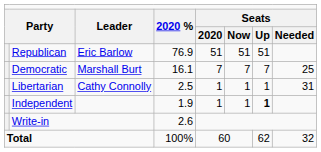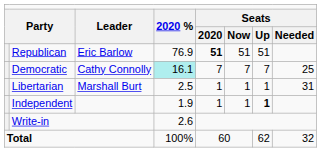 <table class="wikitable">
 <tr>
 <td colspan=15 align=center></td>
 </tr>
 <tr>
 <th rowspan="2" colspan="2">Party</th>
 <th rowspan="2">Leader</th>
 <th rowspan="2"><a href='#'>2020</a> %</th>
 <th colspan="5">Seats</th>
 </tr>
 <tr>
 <th>2020</th>
 <th>Now</th>
 <th>Up</th>
 <th>Needed</th>
 </tr>
 <tr>
 <th style="background-color:"></th>
 <td><a href='#'>Republican</a></td>
 <td><a href='#'>Eric Barlow</a></td>
 <td align="right">76.9</td>
-<td align="right">51</td>
+<td align="right"><strong>51</strong></td>
 <td align="right">51</td>
 <td align="right">51</td>
 <td align="right"></td>
 </tr>
 <tr>
 <th style="background-color:"></th>
 <td><a href='#'>Democratic</a></td>
-<td><a href='#'>Marshall Burt</a></td>
-<td align="right">16.1</td>
+<td><a href='#'>Cathy Connolly</a></td>
+<td align="right" style="background: paleturquoise;">16.1</td>
 <td align="right">7</td>
 <td align="right">7</td>
 <td align="right">7</td>
 <td align="right"> 25</td>
 </tr>
 <tr>
 <th style="background-color:"></th>
 <td><a href='#'>Libertarian</a></td>
-<td><a href='#'>Cathy Connolly</a></td>
+<td><a href='#'>Marshall Burt</a></td>
 <td align="right">2.5</td>
 <td align="right">1</td>
 <td align="right">1</td>
 <td align="right">1</td>
 <td align="right"> 31</td>
 </tr>
 <tr>
 <th style="background-color:"></th>
 <td><a href='#'>Independent</a></td>
 <td></td>
 <td align="right">1.9</td>
 <td align="right">1</td>
 <td align="right">1</td>
 <td align="right"><strong>1</strong></td>
 <td></td>
 </tr>
 <tr>
 <th style="background-color:"></th>
 <td colspan="2"><a href='#'>Write-in</a></td>
 <td align="right">2.6</td>
 <td colspan="5" align="right"></td>
 </tr>
 <tr>
 <td colspan="3" align="left"><strong>Total</strong></td>
 <td align="right">100%</td>
 <td colspan="2" align="center">60</td>
 <td align="right">62</td>
 <td align="right">32</td>
 </tr>
 </table>
